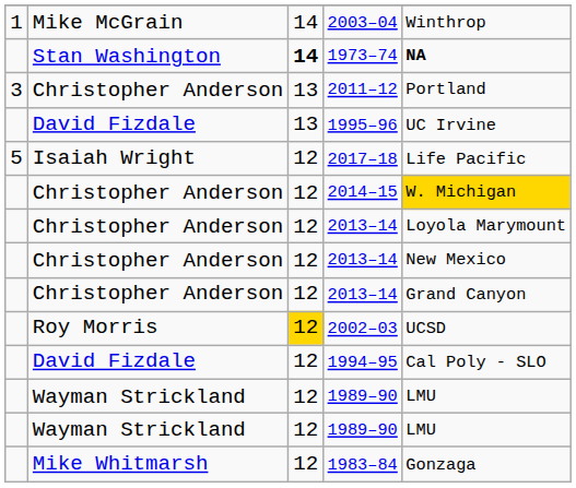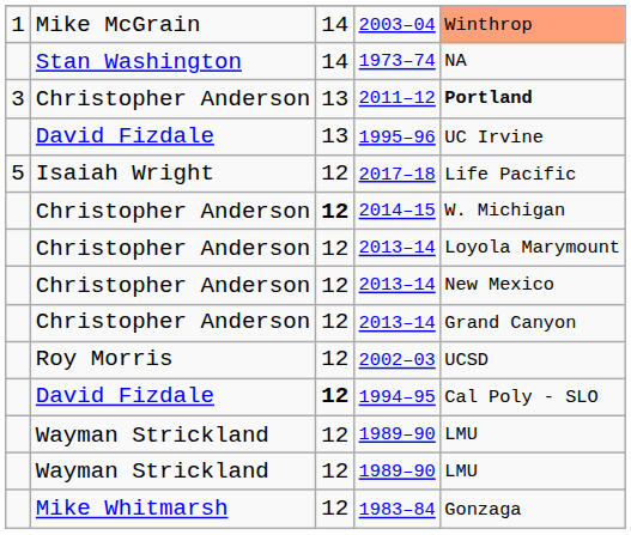 <table class="wikitable">
 <tr>
 </tr>
 <tr>
 <td>1</td>
 <td>Mike McGrain</td>
 <td>14</td>
 <td style="font-size:80%;"><a href='#'>2003–04</a></td>
-<td style="font-size:80%;">Winthrop</td>
+<td style="background: lightsalmon; font-size:80%;">Winthrop</td>
 </tr>
 <tr>
 <td></td>
 <td><a href='#'>Stan Washington</a></td>
-<td><strong>14</strong></td>
+<td>14</td>
 <td style="font-size:80%;"><a href='#'>1973–74</a></td>
-<td style="font-size:80%;"><strong>NA</strong></td>
+<td style="font-size:80%;">NA</td>
 </tr>
 <tr>
 <td>3</td>
 <td>Christopher Anderson</td>
 <td>13</td>
 <td style="font-size:80%;"><a href='#'>2011–12</a></td>
-<td style="font-size:80%;">Portland</td>
+<td style="font-size:80%;"><strong>Portland</strong></td>
 </tr>
 <tr>
 <td></td>
 <td><a href='#'>David Fizdale</a></td>
 <td>13</td>
 <td style="font-size:80%;"><a href='#'>1995–96</a></td>
 <td style="font-size:80%;">UC Irvine</td>
 </tr>
 <tr>
 <td>5</td>
 <td>Isaiah Wright</td>
 <td>12</td>
 <td style="font-size:80%;"><a href='#'>2017–18</a></td>
 <td style="font-size:80%;">Life Pacific</td>
 </tr>
 <tr>
 <td></td>
 <td>Christopher Anderson</td>
-<td>12</td>
+<td><strong>12</strong></td>
 <td style="font-size:80%;"><a href='#'>2014–15</a></td>
-<td style="background: gold; font-size:80%;">W. Michigan</td>
+<td style="font-size:80%;">W. Michigan</td>
 </tr>
 <tr>
 <td></td>
 <td>Christopher Anderson</td>
 <td>12</td>
 <td style="font-size:80%;"><a href='#'>2013–14</a></td>
 <td style="font-size:80%;">Loyola Marymount</td>
 </tr>
 <tr>
 <td></td>
 <td>Christopher Anderson</td>
 <td>12</td>
 <td style="font-size:80%;"><a href='#'>2013–14</a></td>
 <td style="font-size:80%;">New Mexico</td>
 </tr>
 <tr>
 <td></td>
 <td>Christopher Anderson</td>
 <td>12</td>
 <td style="font-size:80%;"><a href='#'>2013–14</a></td>
 <td style="font-size:80%;">Grand Canyon</td>
 </tr>
 <tr>
 <td></td>
 <td>Roy Morris</td>
-<td style="background: gold;">12</td>
+<td>12</td>
 <td style="font-size:80%;"><a href='#'>2002–03</a></td>
 <td style="font-size:80%;">UCSD</td>
 </tr>
 <tr>
 <td></td>
 <td><a href='#'>David Fizdale</a></td>
-<td>12</td>
+<td><strong>12</strong></td>
 <td style="font-size:80%;"><a href='#'>1994–95</a></td>
 <td style="font-size:80%;">Cal Poly - SLO</td>
 </tr>
 <tr>
 <td></td>
 <td>Wayman Strickland</td>
 <td>12</td>
 <td style="font-size:80%;"><a href='#'>1989–90</a></td>
 <td style="font-size:80%;">LMU</td>
 </tr>
 <tr>
 <td></td>
 <td>Wayman Strickland</td>
 <td>12</td>
 <td style="font-size:80%;"><a href='#'>1989–90</a></td>
 <td style="font-size:80%;">LMU</td>
 </tr>
 <tr>
 <td></td>
 <td><a href='#'>Mike Whitmarsh</a></td>
 <td>12</td>
 <td style="font-size:80%;"><a href='#'>1983–84</a></td>
 <td style="font-size:80%;">Gonzaga</td>
 </tr>
 </table>
